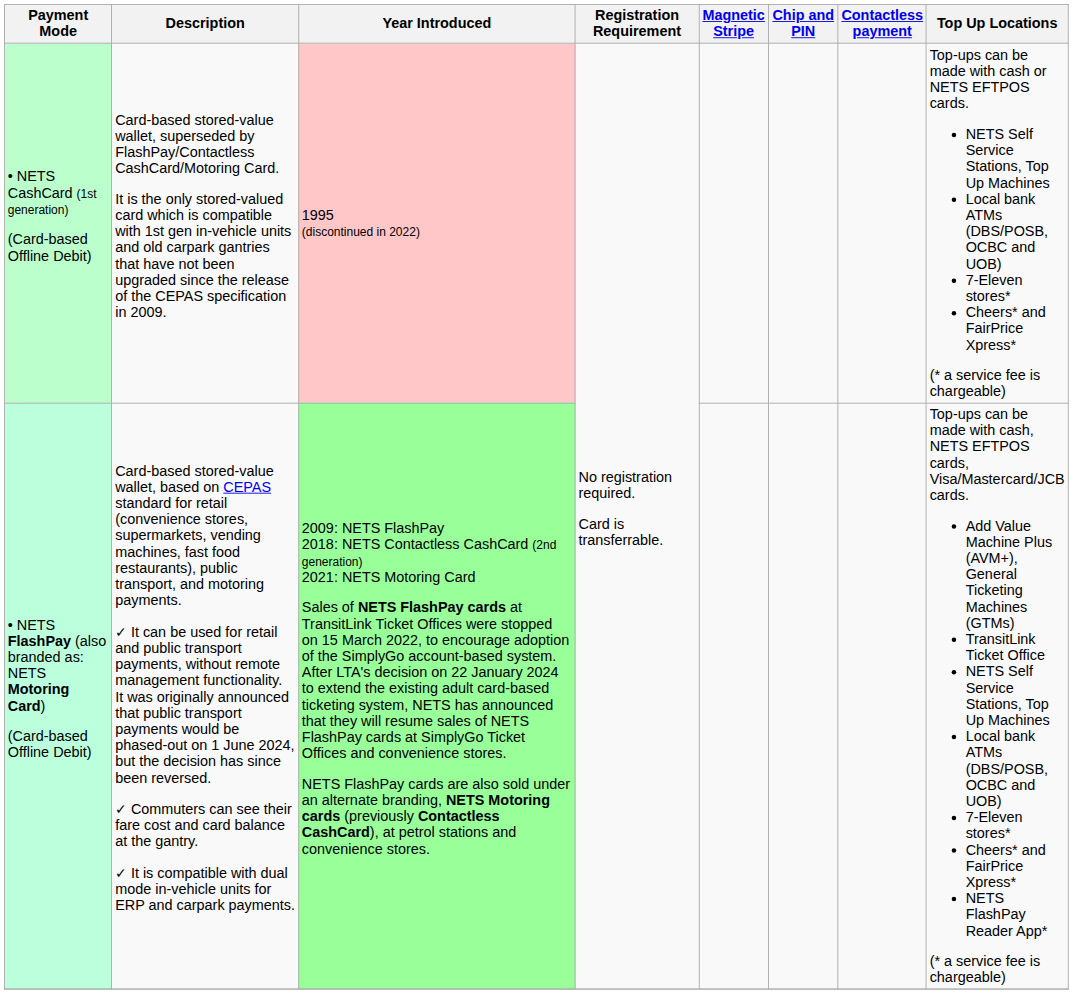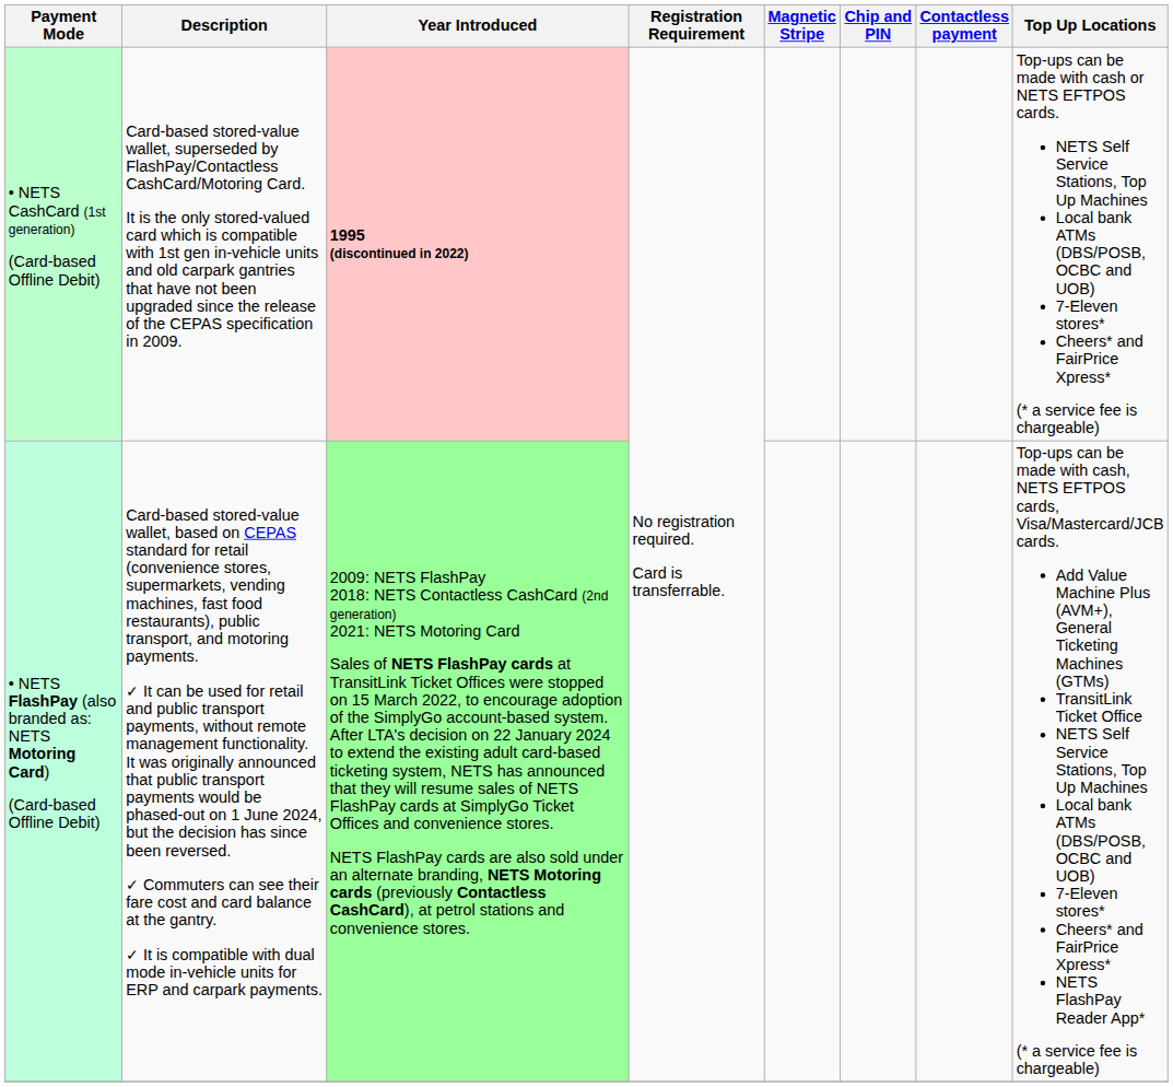 <table class="wikitable" style="text-align: left;">
 <tr>
 <th scope="col" style="width: 112px;">Payment Mode</th>
 <th scope="col" style="width: 200px;">Description</th>
 <th scope="col" style="width: 300px;">Year Introduced</th>
 <th scope="col" style="width: 130px;">Registration Requirement</th>
 <th scope="col" style="width: 70px;"><a href='#'>Magnetic Stripe</a></th>
 <th scope="col" style="width: 70px;"><a href='#'>Chip and PIN</a></th>
 <th scope="col" style="width: 70px;"><a href='#'>Contactless payment</a></th>
 <th scope="col" style="width: 70px;">Top Up Locations</th>
 </tr>
 <tr>
 <td style="background:#BFC;">• NETS CashCard <small>(1st generation)</small> <p> (Card-based Offline Debit)</p></td>
 <td>Card-based stored-value wallet, superseded by FlashPay/Contactless CashCard/Motoring Card. <p> It is the only stored-valued card which is compatible with 1st gen in-vehicle units and old carpark gantries that have not been upgraded since the release of the CEPAS specification in 2009.</p></td>
-<td style="background:#FFC7C7;">1995 <br> <small>(discontinued in 2022)</small></td>
+<td style="background:#FFC7C7;"><strong>1995 <br> <small>(discontinued in 2022)</small></strong></td>
 <td rowspan="2">No registration required. <p> Card is transferrable.</p></td>
 <td></td>
 <td></td>
 <td></td>
 <td>Top-ups can be made with cash or NETS EFTPOS cards.<br><ul><li>NETS Self Service Stations, Top Up Machines</li><li>Local bank ATMs (DBS/POSB, OCBC and UOB)</li><li>7-Eleven stores*</li><li>Cheers* and FairPrice Xpress*</li></ul>(* a service fee is chargeable)</td>
 </tr>
 <tr>
 <td style="background:#BFD;">• NETS <strong>FlashPay</strong> (also branded as: NETS <strong>Motoring Card</strong>) <p>(Card-based Offline Debit)</p></td>
 <td>Card-based stored-value wallet, based on <a href='#'>CEPAS</a> standard for retail (convenience stores, supermarkets, vending machines, fast food restaurants), public transport, and motoring payments. <p>✓ It can be used for retail and public transport payments, without remote management functionality. <br> It was originally announced that public transport payments would be phased-out on 1 June 2024, but the decision has since been reversed.</p> <p>✓ Commuters can see their fare cost and card balance at the gantry.</p> <p>✓ It is compatible with dual mode in-vehicle units for ERP and carpark payments.</p></td>
 <td style="background:#99ff99;">2009: NETS FlashPay <br> 2018: NETS Contactless CashCard <small>(2nd generation)</small> <br> 2021: NETS Motoring Card <p>Sales of <strong>NETS FlashPay cards</strong> at TransitLink Ticket Offices were stopped on 15 March 2022, to encourage adoption of the SimplyGo account-based system. <br> After LTA's decision on 22 January 2024 to extend the existing adult card-based ticketing system, NETS has announced that they will resume sales of NETS FlashPay cards at SimplyGo Ticket Offices and convenience stores.</p> <p>NETS FlashPay cards are also sold under an alternate branding, <strong>NETS Motoring cards</strong> (previously <strong>Contactless CashCard</strong>), at petrol stations and convenience stores.</p></td>
 <td></td>
 <td></td>
 <td></td>
 <td>Top-ups can be made with cash, NETS EFTPOS cards, Visa/Mastercard/JCB cards.<br><ul><li>Add Value Machine Plus (AVM+), General Ticketing Machines (GTMs)</li><li>TransitLink Ticket Office</li><li>NETS Self Service Stations, Top Up Machines</li><li>Local bank ATMs (DBS/POSB, OCBC and UOB)</li><li>7-Eleven stores*</li><li>Cheers* and FairPrice Xpress*</li><li>NETS FlashPay Reader App*</li></ul>(* a service fee is chargeable)</td>
 </tr>
 <tr>
 </tr>
 </table>
